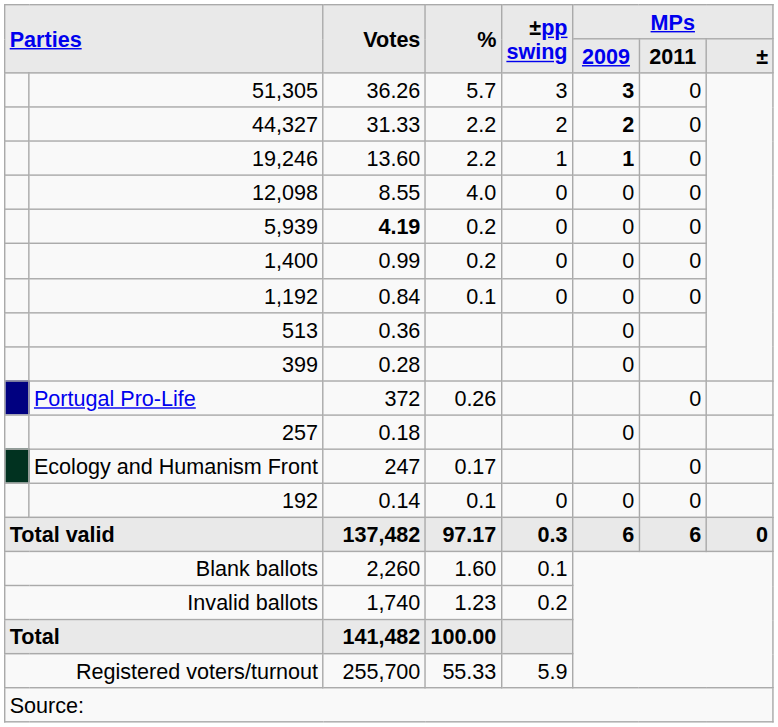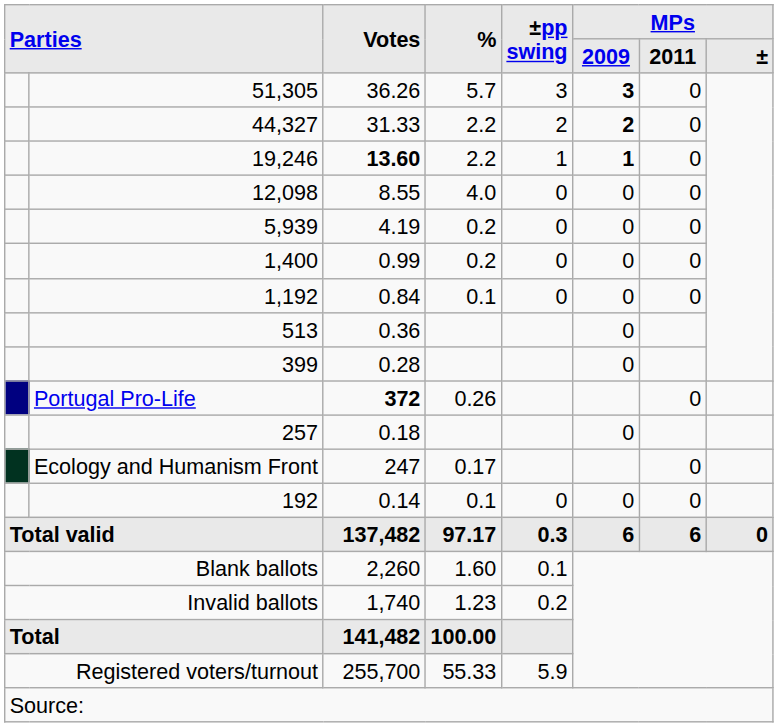 <table class="wikitable" style="text-align:right; font-size:95%;">
 <tr>
 <th rowspan="2" colspan="2" style="background:#e9e9e9; text-align:left;" alignleft><a href='#'>Parties</a></th>
 <th rowspan="2" style="background:#e9e9e9; text-align:right;">Votes</th>
 <th rowspan="2" style="background:#e9e9e9; text-align:right;">%</th>
 <th rowspan="2" style="background:#e9e9e9; text-align:right;">±<a href='#'>pp</a> <a href='#'>swing</a></th>
 <th colspan="3" style="background:#e9e9e9; text-align:center;"><a href='#'>MPs</a></th>
 </tr>
 <tr style="background-color:#E9E9E9">
 <th style="background-color:#E9E9E9;text-align:center;"><a href='#'>2009</a></th>
 <th style="background-color:#E9E9E9;text-align:center;">2011</th>
 <th style="background:#e9e9e9; text-align:right;">±</th>
 </tr>
 <tr>
 <td></td>
 <td>51,305</td>
 <td>36.26</td>
 <td>5.7</td>
 <td>3</td>
 <td><strong>3</strong></td>
 <td>0</td>
 </tr>
 <tr>
 <td></td>
 <td>44,327</td>
 <td>31.33</td>
 <td>2.2</td>
 <td>2</td>
 <td><strong>2</strong></td>
 <td>0</td>
 </tr>
 <tr>
 <td></td>
 <td>19,246</td>
-<td>13.60</td>
+<td><strong>13.60</strong></td>
 <td>2.2</td>
 <td>1</td>
 <td><strong>1</strong></td>
 <td>0</td>
 </tr>
 <tr>
 <td></td>
 <td>12,098</td>
 <td>8.55</td>
 <td>4.0</td>
 <td>0</td>
 <td>0</td>
 <td>0</td>
 </tr>
 <tr>
 <td></td>
 <td>5,939</td>
-<td><strong>4.19</strong></td>
+<td>4.19</td>
 <td>0.2</td>
 <td>0</td>
 <td>0</td>
 <td>0</td>
 </tr>
 <tr>
 <td></td>
 <td>1,400</td>
 <td>0.99</td>
 <td>0.2</td>
 <td>0</td>
 <td>0</td>
 <td>0</td>
 </tr>
 <tr>
 <td></td>
 <td>1,192</td>
 <td>0.84</td>
 <td>0.1</td>
 <td>0</td>
 <td>0</td>
 <td>0</td>
 </tr>
 <tr>
 <td></td>
 <td>513</td>
 <td>0.36</td>
 <td></td>
 <td></td>
 <td>0</td>
 <td></td>
 </tr>
 <tr>
 <td></td>
 <td>399</td>
 <td>0.28</td>
 <td></td>
 <td></td>
 <td>0</td>
 <td></td>
 </tr>
 <tr>
 <td style="width:10px;background-color:#000080;text-align:center;"></td>
 <td style="text-align:left;"><a href='#'>Portugal Pro-Life</a></td>
-<td>372</td>
+<td><strong>372</strong></td>
 <td>0.26</td>
 <td></td>
 <td></td>
 <td>0</td>
 <td></td>
 </tr>
 <tr>
 <td></td>
 <td>257</td>
 <td>0.18</td>
 <td></td>
 <td></td>
 <td>0</td>
 <td></td>
 </tr>
 <tr>
 <td style="width:10px;background-color:#013220;text-align:center;"></td>
 <td style="text-align:left;">Ecology and Humanism Front </td>
 <td>247</td>
 <td>0.17</td>
 <td></td>
 <td></td>
 <td>0</td>
 <td></td>
 </tr>
 <tr>
 <td></td>
 <td>192</td>
 <td>0.14</td>
 <td>0.1</td>
 <td>0</td>
 <td>0</td>
 <td>0</td>
 </tr>
 <tr>
 <td colspan=2 align=left style="background-color:#E9E9E9"><strong>Total valid</strong></td>
 <td width="65" align="right" style="background-color:#E9E9E9"><strong>137,482</strong></td>
 <td width="40" align="right" style="background-color:#E9E9E9"><strong>97.17</strong></td>
 <td width="40" align="right" style="background-color:#E9E9E9"><strong>0.3</strong></td>
 <td width="40" align="right" style="background-color:#E9E9E9"><strong>6</strong></td>
 <td width="40" align="right" style="background-color:#E9E9E9"><strong>6</strong></td>
 <td width="40" align="right" style="background-color:#E9E9E9"><strong>0</strong></td>
 </tr>
 <tr>
 <td colspan=2>Blank ballots</td>
 <td>2,260</td>
 <td>1.60</td>
 <td>0.1</td>
 <td colspan=4 rowspan=4></td>
 </tr>
 <tr>
 <td colspan=2>Invalid ballots</td>
 <td>1,740</td>
 <td>1.23</td>
 <td>0.2</td>
 </tr>
 <tr>
 <td colspan=2 align=left style="background-color:#E9E9E9"><strong>Total</strong></td>
 <td width="50" align="right" style="background-color:#E9E9E9"><strong>141,482</strong></td>
 <td width="40" align="right" style="background-color:#E9E9E9"><strong>100.00</strong></td>
 <td width="40" align="right" style="background-color:#E9E9E9"></td>
 </tr>
 <tr>
 <td colspan=2>Registered voters/turnout</td>
 <td>255,700</td>
 <td>55.33</td>
 <td>5.9</td>
 </tr>
 <tr>
 <td colspan=11 align=left>Source: </td>
 </tr>
 </table>
